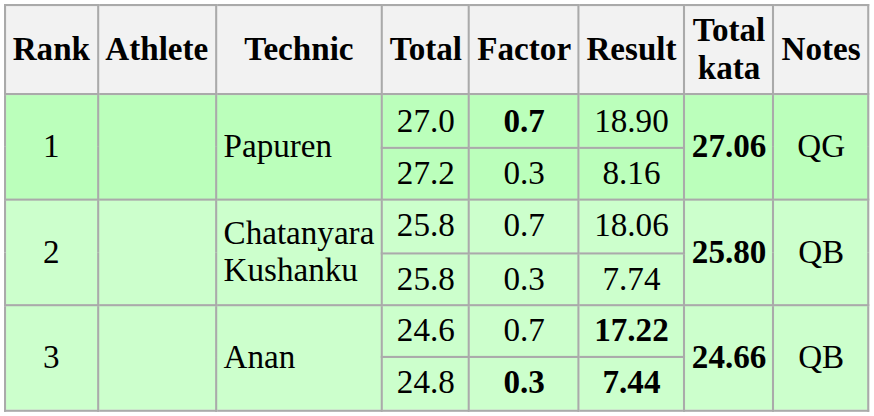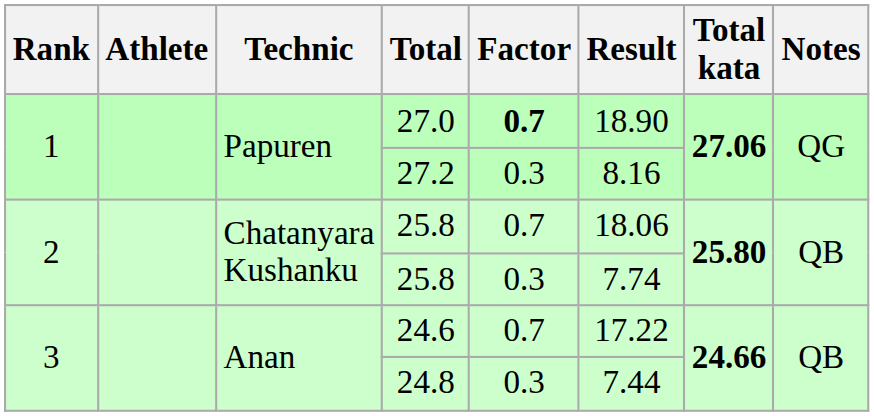 <table class="wikitable" style="text-align:center">
 <tr>
 <th>Rank</th>
 <th>Athlete</th>
 <th>Technic</th>
 <th>Total</th>
 <th>Factor</th>
 <th>Result</th>
 <th>Total<br>kata</th>
 <th>Notes</th>
 </tr>
 <tr bgcolor=bbffbb>
 <td rowspan=2>1</td>
 <td rowspan=2 align=left></td>
 <td rowspan=2 align=left>Papuren</td>
 <td>27.0</td>
 <td><strong>0.7</strong></td>
 <td>18.90</td>
 <td rowspan=2><strong>27.06</strong></td>
 <td rowspan=2>QG</td>
 </tr>
 <tr bgcolor=bbffbb>
 <td>27.2</td>
 <td>0.3</td>
 <td>8.16</td>
 </tr>
 <tr bgcolor=ccffcc>
 <td rowspan=2>2</td>
 <td rowspan=2 align=left></td>
 <td rowspan=2 align=left>Chatanyara<br>Kushanku</td>
 <td>25.8</td>
 <td>0.7</td>
 <td>18.06</td>
 <td rowspan=2><strong>25.80</strong></td>
 <td rowspan=2>QB</td>
 </tr>
 <tr bgcolor=ccffcc>
 <td>25.8</td>
 <td>0.3</td>
 <td>7.74</td>
 </tr>
 <tr bgcolor=ccffcc>
 <td rowspan=2>3</td>
 <td rowspan=2 align=left></td>
 <td rowspan=2 align=left>Anan</td>
 <td>24.6</td>
 <td>0.7</td>
-<td><strong>17.22</strong></td>
+<td>17.22</td>
 <td rowspan=2><strong>24.66</strong></td>
 <td rowspan=2>QB</td>
 </tr>
 <tr bgcolor=ccffcc>
 <td>24.8</td>
-<td><strong>0.3</strong></td>
-<td><strong>7.44</strong></td>
+<td>0.3</td>
+<td>7.44</td>
 </tr>
 </table>
